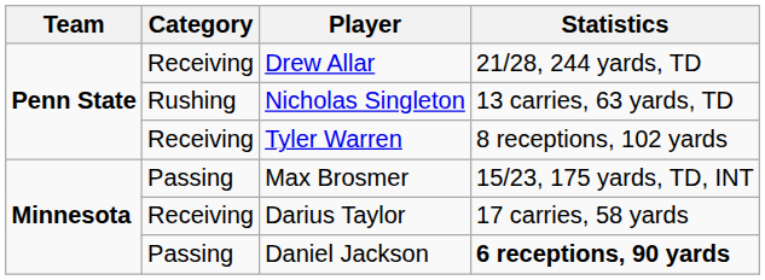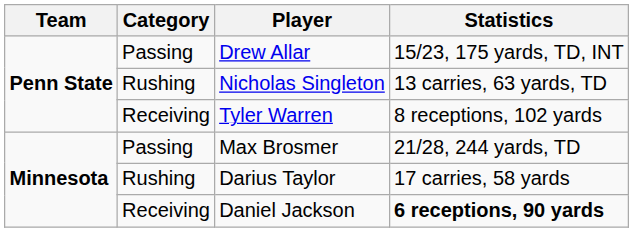 <table class="wikitable" style="float: right;">
 <tr>
 <th>Team</th>
 <th>Category</th>
 <th>Player</th>
 <th>Statistics</th>
 </tr>
 <tr>
 <td rowspan=3><strong>Penn State</strong></td>
-<td>Receiving</td>
+<td>Passing</td>
 <td><a href='#'>Drew Allar</a></td>
-<td>21/28, 244 yards, TD</td>
+<td>15/23, 175 yards, TD, INT</td>
 </tr>
 <tr>
 <td>Rushing</td>
 <td><a href='#'>Nicholas Singleton</a></td>
 <td>13 carries, 63 yards, TD</td>
 </tr>
 <tr>
 <td>Receiving</td>
 <td><a href='#'>Tyler Warren</a></td>
 <td>8 receptions, 102 yards</td>
 </tr>
 <tr>
 <td rowspan=3><strong>Minnesota</strong></td>
 <td>Passing</td>
 <td>Max Brosmer</td>
-<td>15/23, 175 yards, TD, INT</td>
+<td>21/28, 244 yards, TD</td>
 </tr>
 <tr>
-<td>Receiving</td>
+<td>Rushing</td>
 <td>Darius Taylor</td>
 <td>17 carries, 58 yards</td>
 </tr>
 <tr>
-<td>Passing</td>
+<td>Receiving</td>
 <td>Daniel Jackson</td>
 <td><strong>6 receptions, 90 yards</strong></td>
 </tr>
 </table>
